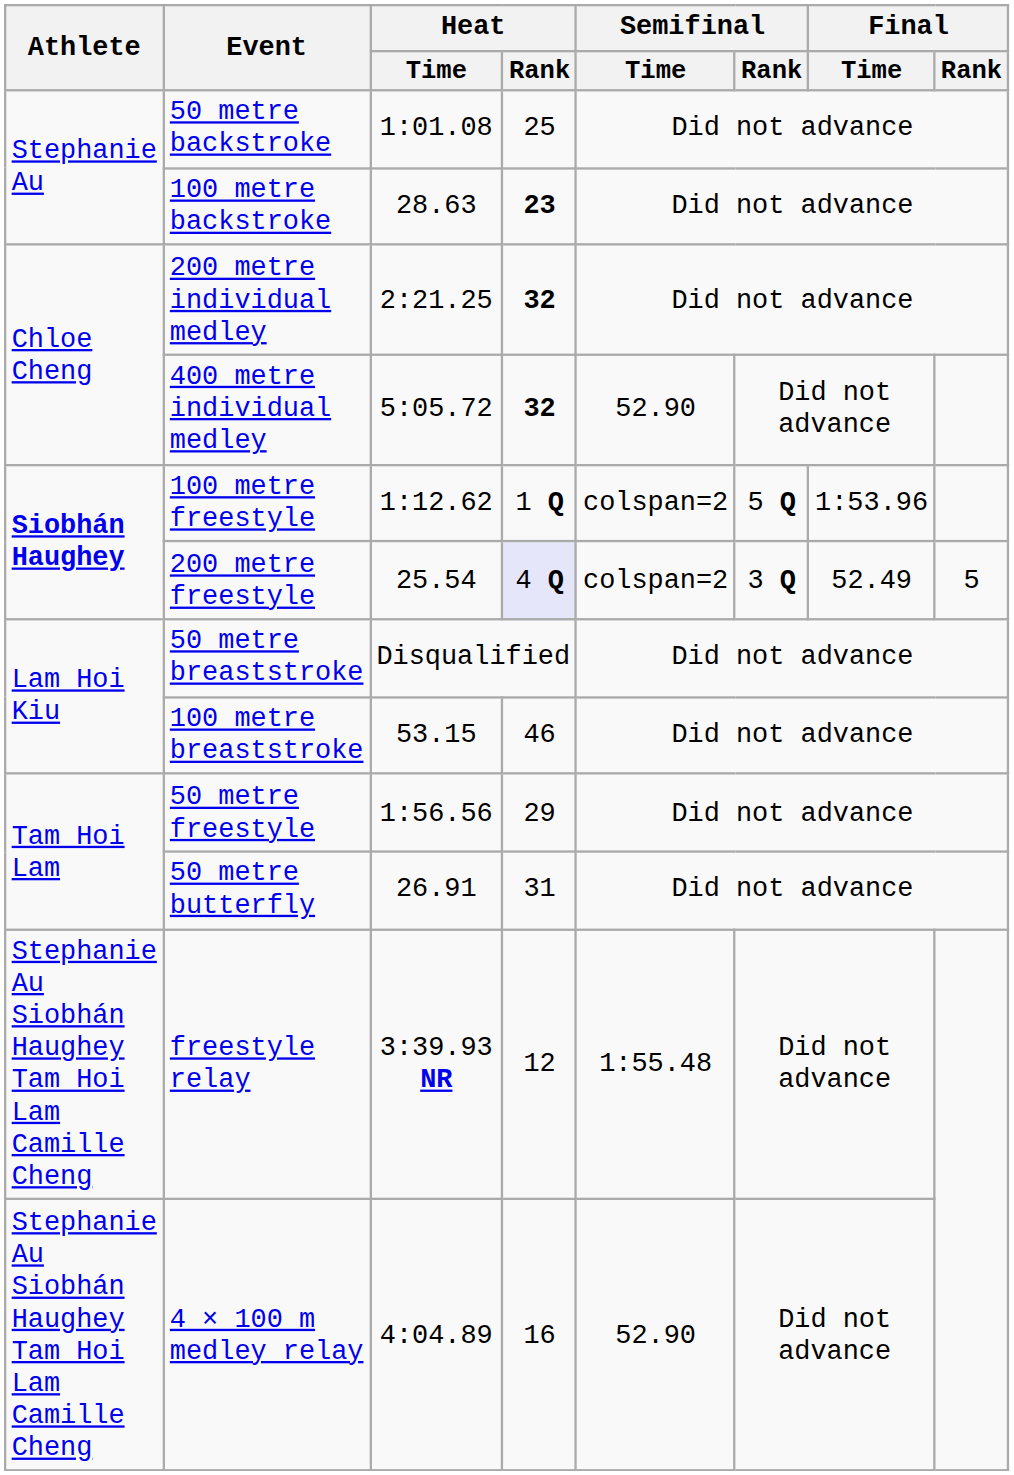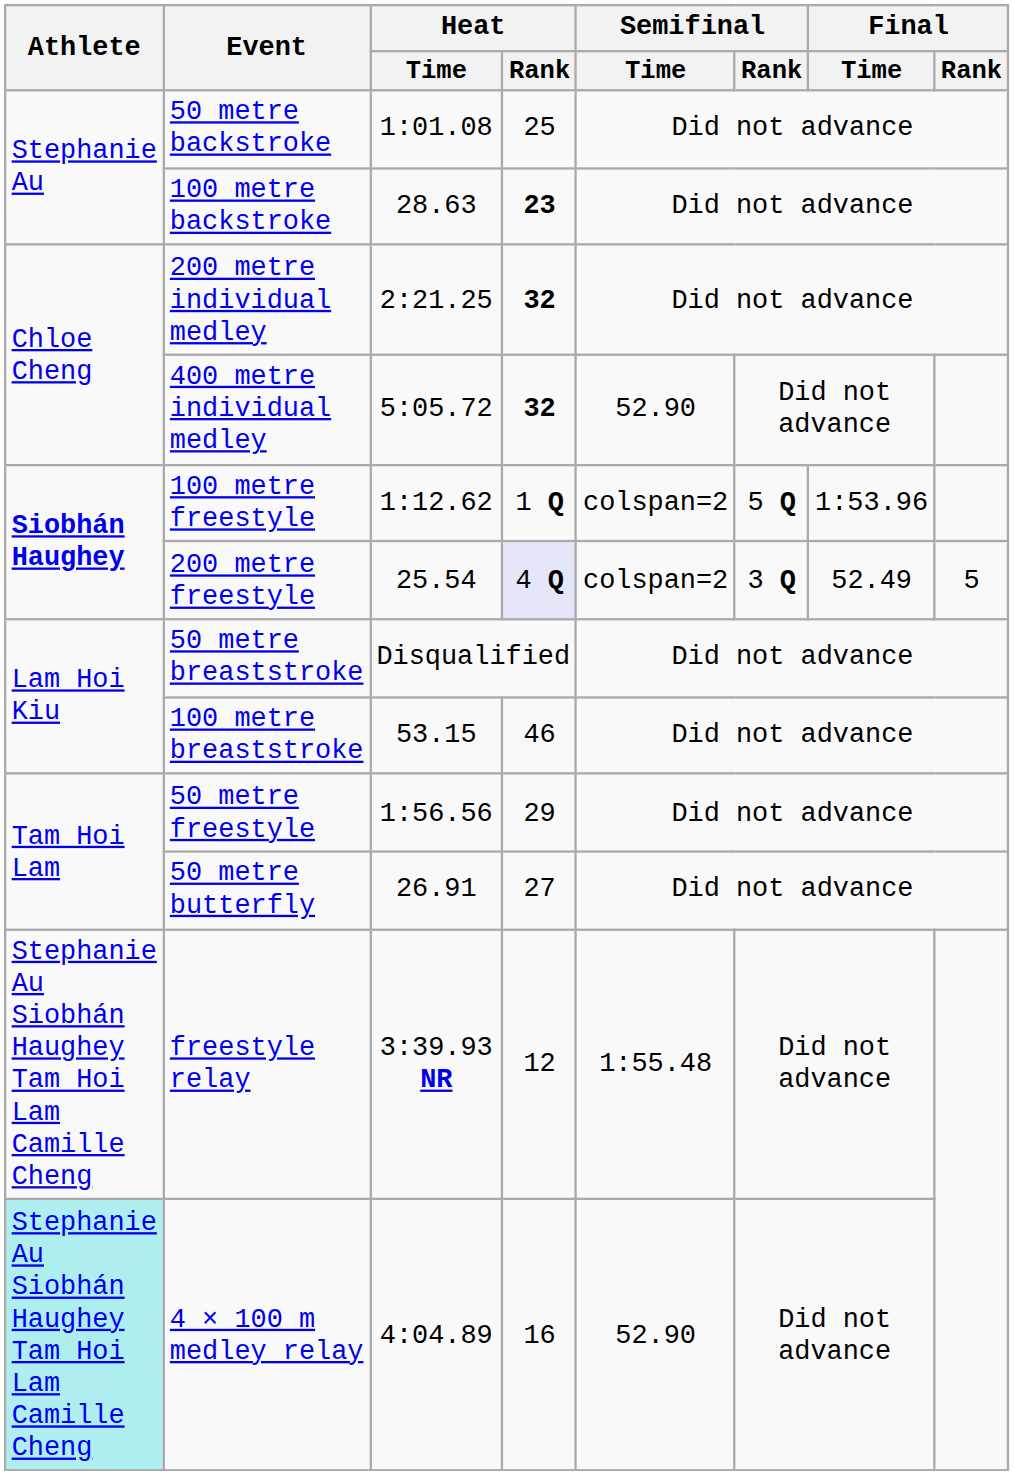 <table class="wikitable" style="text-align:center; font-size:90%; width:50%;">
 <tr>
 <th rowspan="2">Athlete</th>
 <th rowspan="2">Event</th>
 <th colspan="2">Heat</th>
 <th colspan="2">Semifinal</th>
 <th colspan="2">Final</th>
 </tr>
 <tr style="font-size:95%">
 <th>Time</th>
 <th>Rank</th>
 <th>Time</th>
 <th>Rank</th>
 <th>Time</th>
 <th>Rank</th>
 </tr>
 <tr>
 <td align=left rowspan=2><a href='#'>Stephanie Au</a></td>
 <td align=left><a href='#'>50 metre backstroke</a></td>
 <td>1:01.08</td>
 <td>25</td>
 <td colspan=4>Did not advance</td>
 </tr>
 <tr>
 <td align=left><a href='#'>100 metre backstroke</a></td>
 <td>28.63</td>
 <td><strong>23</strong></td>
 <td colspan=4>Did not advance</td>
 </tr>
 <tr>
 <td align=left rowspan="2"><a href='#'>Chloe Cheng</a></td>
 <td align=left><a href='#'>200 metre individual medley</a></td>
 <td>2:21.25</td>
 <td><strong>32</strong></td>
 <td colspan=4>Did not advance</td>
 </tr>
 <tr>
 <td align=left><a href='#'>400 metre individual medley</a></td>
 <td>5:05.72</td>
 <td><strong>32</strong></td>
 <td>52.90</td>
 <td colspan=2>Did not advance</td>
 </tr>
 <tr>
 <td align=left rowspan=2><strong><a href='#'>Siobhán Haughey</a></strong></td>
 <td align=left><a href='#'>100 metre freestyle</a></td>
 <td>1:12.62</td>
 <td>1 <strong>Q</strong></td>
 <td>colspan=2 </td>
 <td>5 <strong>Q</strong></td>
 <td>1:53.96</td>
 <td></td>
 </tr>
 <tr>
 <td align=left><a href='#'>200 metre freestyle</a></td>
 <td>25.54</td>
 <td style="background: lavender;">4 <strong>Q</strong></td>
 <td>colspan=2 </td>
 <td>3 <strong>Q</strong></td>
 <td>52.49</td>
 <td>5</td>
 </tr>
 <tr>
 <td align=left rowspan=2><a href='#'>Lam Hoi Kiu</a></td>
 <td align=left><a href='#'>50 metre breaststroke</a></td>
 <td colspan=2>Disqualified</td>
 <td colspan=4>Did not advance</td>
 </tr>
 <tr>
 <td align=left><a href='#'>100 metre breaststroke</a></td>
 <td>53.15</td>
 <td>46</td>
 <td colspan=4>Did not advance</td>
 </tr>
 <tr>
 <td align=left rowspan=2><a href='#'>Tam Hoi Lam</a></td>
 <td align=left><a href='#'>50 metre freestyle</a></td>
 <td>1:56.56</td>
 <td>29</td>
 <td colspan=4>Did not advance</td>
 </tr>
 <tr>
 <td align=left><a href='#'>50 metre butterfly</a></td>
 <td>26.91</td>
-<td>31</td>
+<td>27</td>
 <td colspan=4>Did not advance</td>
 </tr>
 <tr>
 <td align=left><a href='#'>Stephanie Au</a>  <br><a href='#'>Siobhán Haughey</a> <br><a href='#'>Tam Hoi Lam</a><br><a href='#'>Camille Cheng</a></td>
 <td align=left><a href='#'> freestyle relay</a></td>
 <td>3:39.93 <strong><a href='#'>NR</a></strong></td>
 <td>12</td>
 <td>1:55.48</td>
 <td colspan=2>Did not advance</td>
 </tr>
 <tr>
-<td align=left><a href='#'>Stephanie Au</a>  <br><a href='#'>Siobhán Haughey</a> <br><a href='#'>Tam Hoi Lam</a><br><a href='#'>Camille Cheng</a></td>
+<td align=left style="background: paleturquoise;"><a href='#'>Stephanie Au</a>  <br><a href='#'>Siobhán Haughey</a> <br><a href='#'>Tam Hoi Lam</a><br><a href='#'>Camille Cheng</a></td>
 <td align=left><a href='#'>4 × 100 m medley relay</a></td>
 <td>4:04.89</td>
 <td>16</td>
 <td>52.90</td>
 <td colspan=2>Did not advance</td>
 </tr>
 </table>
